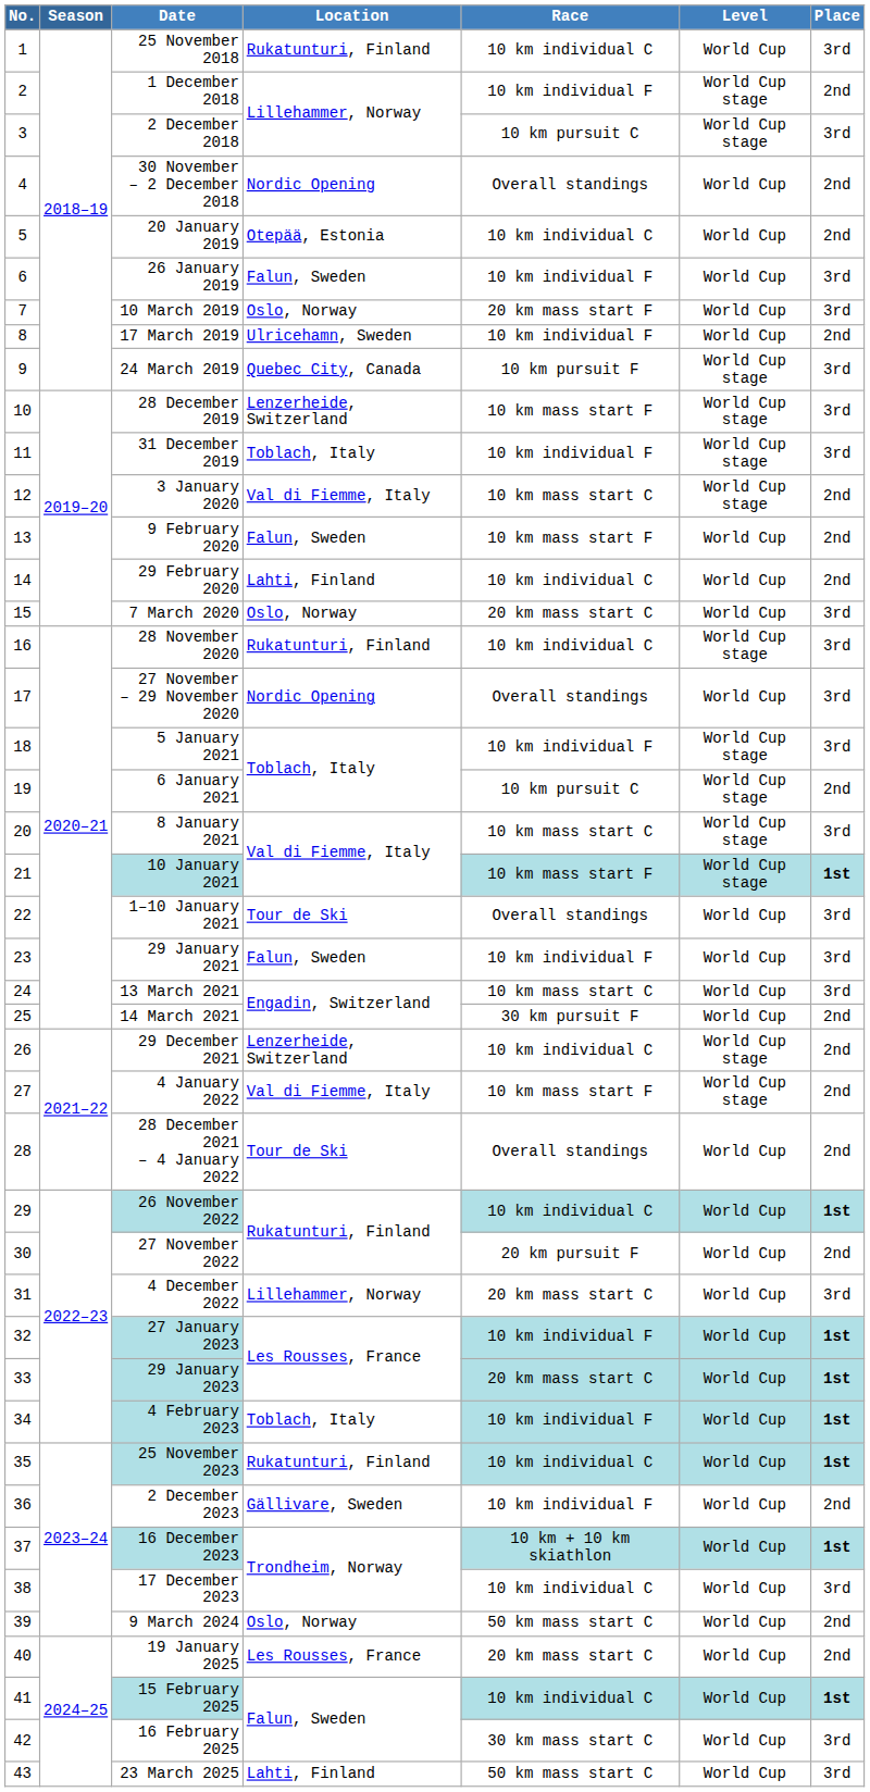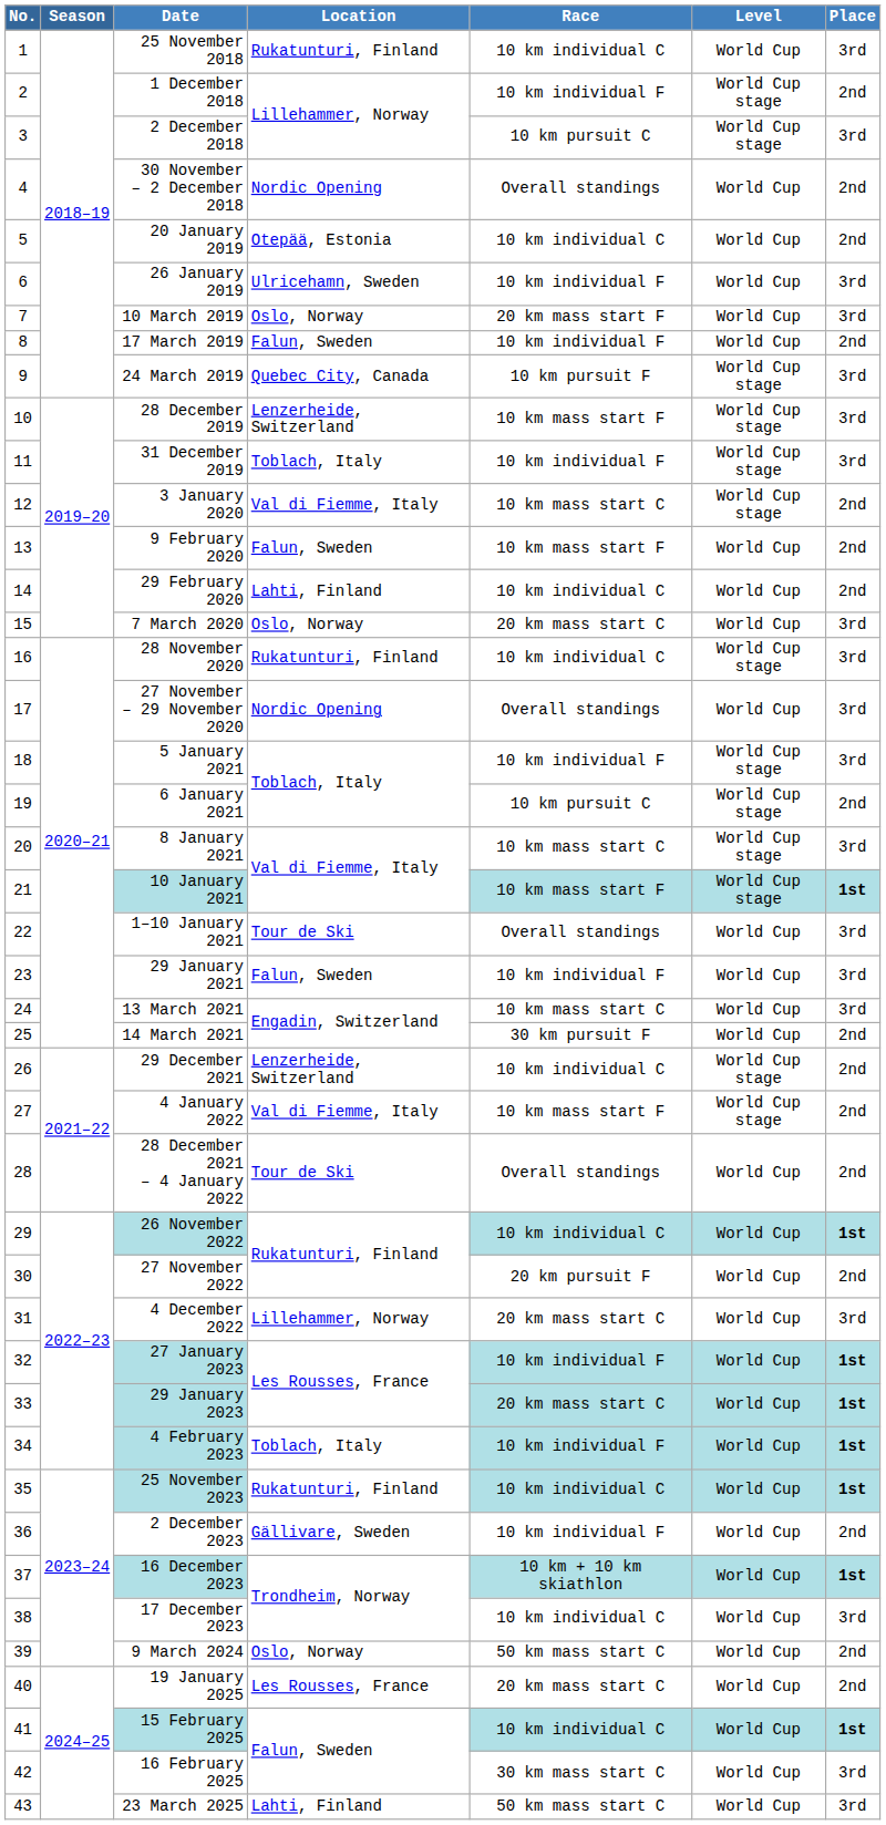 <table class="wikitable sortable" style="font-size:95%; text-align:center; border:grey solid 1px; border-collapse:collapse; background:#ffffff;">
 <tr style="background:#efefef;">
 <th style="background-color:#369; color:white;">No.</th>
 <th style="background-color:#369; color:white;">Season</th>
 <th style="background-color:#4180be; color:white; width:100px;">Date</th>
 <th style="background-color:#4180be; color:white; width:170px;">Location</th>
 <th style="background-color:#4180be; color:white; width:170px;">Race</th>
 <th style="background-color:#4180be; color:white; width:100px;">Level</th>
 <th style="background-color:#4180be; color:white;">Place</th>
 </tr>
 <tr>
 <td align=center>1</td>
 <td rowspan="9" align="center"><a href='#'>2018–19</a></td>
 <td align=right>25 November 2018</td>
 <td align=left> <a href='#'>Rukatunturi</a>, Finland</td>
 <td>10 km individual C</td>
 <td>World Cup</td>
 <td>3rd</td>
 </tr>
 <tr>
 <td align=center>2</td>
 <td align=right>1 December 2018</td>
 <td rowspan=2 align=left> <a href='#'>Lillehammer</a>, Norway</td>
 <td>10 km individual F</td>
 <td>World Cup stage</td>
 <td>2nd</td>
 </tr>
 <tr>
 <td align=center>3</td>
 <td align=right>2 December 2018</td>
 <td>10 km pursuit C</td>
 <td>World Cup stage</td>
 <td>3rd</td>
 </tr>
 <tr>
 <td align=center>4</td>
 <td align=right>30 November<br> – 2 December 2018</td>
 <td align=left> <a href='#'>Nordic Opening</a></td>
 <td>Overall standings</td>
 <td>World Cup</td>
 <td>2nd</td>
 </tr>
 <tr>
 <td align=center>5</td>
 <td align=right>20 January 2019</td>
 <td align=left> <a href='#'>Otepää</a>, Estonia</td>
 <td>10 km individual C</td>
 <td>World Cup</td>
 <td>2nd</td>
 </tr>
 <tr>
 <td align=center>6</td>
 <td align=right>26 January 2019</td>
-<td align=left> <a href='#'>Falun</a>, Sweden</td>
+<td align=left> <a href='#'>Ulricehamn</a>, Sweden</td>
 <td>10 km individual F</td>
 <td>World Cup</td>
 <td>3rd</td>
 </tr>
 <tr>
 <td align=center>7</td>
 <td align=right>10 March 2019</td>
 <td align=left> <a href='#'>Oslo</a>, Norway</td>
 <td>20 km mass start F</td>
 <td>World Cup</td>
 <td>3rd</td>
 </tr>
 <tr>
 <td align=center>8</td>
 <td align=right>17 March 2019</td>
-<td align=left> <a href='#'>Ulricehamn</a>, Sweden</td>
+<td align=left> <a href='#'>Falun</a>, Sweden</td>
 <td>10 km individual F</td>
 <td>World Cup</td>
 <td>2nd</td>
 </tr>
 <tr>
 <td align=center>9</td>
 <td align=right>24 March 2019</td>
 <td align=left> <a href='#'>Quebec City</a>, Canada</td>
 <td>10 km pursuit F</td>
 <td>World Cup stage</td>
 <td>3rd</td>
 </tr>
 <tr>
 <td align=center>10</td>
 <td rowspan="6" align="center"><a href='#'>2019–20</a></td>
 <td align=right>28 December 2019</td>
 <td align=left> <a href='#'>Lenzerheide</a>, Switzerland</td>
 <td>10 km mass start F</td>
 <td>World Cup stage</td>
 <td>3rd</td>
 </tr>
 <tr>
 <td align=center>11</td>
 <td align=right>31 December 2019</td>
 <td align=left> <a href='#'>Toblach</a>, Italy</td>
 <td>10 km individual F</td>
 <td>World Cup stage</td>
 <td>3rd</td>
 </tr>
 <tr>
 <td align=center>12</td>
 <td align=right>3 January 2020</td>
 <td align=left> <a href='#'>Val di Fiemme</a>, Italy</td>
 <td>10 km mass start C</td>
 <td>World Cup stage</td>
 <td>2nd</td>
 </tr>
 <tr>
 <td align=center>13</td>
 <td align=right>9 February 2020</td>
 <td align=left> <a href='#'>Falun</a>, Sweden</td>
 <td>10 km mass start F</td>
 <td>World Cup</td>
 <td>2nd</td>
 </tr>
 <tr>
 <td align=center>14</td>
 <td align=right>29 February 2020</td>
 <td align=left> <a href='#'>Lahti</a>, Finland</td>
 <td>10 km individual C</td>
 <td>World Cup</td>
 <td>2nd</td>
 </tr>
 <tr>
 <td align=center>15</td>
 <td align=right>7 March 2020</td>
 <td align=left> <a href='#'>Oslo</a>, Norway</td>
 <td>20 km mass start C</td>
 <td>World Cup</td>
 <td>3rd</td>
 </tr>
 <tr>
 <td align=center>16</td>
 <td rowspan="10" align="center"><a href='#'>2020–21</a></td>
 <td align=right>28 November 2020</td>
 <td align=left> <a href='#'>Rukatunturi</a>, Finland</td>
 <td>10 km individual C</td>
 <td>World Cup stage</td>
 <td>3rd</td>
 </tr>
 <tr>
 <td align=center>17</td>
 <td align=right>27 November<br> – 29 November 2020</td>
 <td align=left> <a href='#'>Nordic Opening</a></td>
 <td>Overall standings</td>
 <td>World Cup</td>
 <td>3rd</td>
 </tr>
 <tr>
 <td align=center>18</td>
 <td align=right>5 January 2021</td>
 <td rowspan="2" align=left> <a href='#'>Toblach</a>, Italy</td>
 <td>10 km individual F</td>
 <td>World Cup stage</td>
 <td>3rd</td>
 </tr>
 <tr>
 <td align=center>19</td>
 <td align=right>6 January 2021</td>
 <td>10 km pursuit C</td>
 <td>World Cup stage</td>
 <td>2nd</td>
 </tr>
 <tr>
 <td align=center>20</td>
 <td align=right>8 January 2021</td>
 <td align=left rowspan="2"> <a href='#'>Val di Fiemme</a>, Italy</td>
 <td>10 km mass start C</td>
 <td>World Cup stage</td>
 <td>3rd</td>
 </tr>
 <tr>
 <td align=center>21</td>
 <td bgcolor="#BOEOE6" align=right>10 January 2021</td>
 <td bgcolor="#BOEOE6">10 km mass start F</td>
 <td bgcolor="#BOEOE6">World Cup stage</td>
 <td bgcolor="#BOEOE6"><strong>1st</strong></td>
 </tr>
 <tr>
 <td align=center>22</td>
 <td align=right>1–10 January 2021</td>
 <td align=left> <a href='#'>Tour de Ski</a></td>
 <td>Overall standings</td>
 <td>World Cup</td>
 <td>3rd</td>
 </tr>
 <tr>
 <td align=center>23</td>
 <td align=right>29 January 2021</td>
 <td align=left> <a href='#'>Falun</a>, Sweden</td>
 <td>10 km individual F</td>
 <td>World Cup</td>
 <td>3rd</td>
 </tr>
 <tr>
 <td align=center>24</td>
 <td align=right>13 March 2021</td>
 <td rowspan=2 align=left> <a href='#'>Engadin</a>, Switzerland</td>
 <td>10 km mass start C</td>
 <td>World Cup</td>
 <td>3rd</td>
 </tr>
 <tr>
 <td align=center>25</td>
 <td align=right>14 March 2021</td>
 <td>30 km pursuit F</td>
 <td>World Cup</td>
 <td>2nd</td>
 </tr>
 <tr>
 <td align=center>26</td>
 <td rowspan=3 align=center><a href='#'>2021–22</a></td>
 <td align=right>29 December 2021</td>
 <td align=left> <a href='#'>Lenzerheide</a>, Switzerland</td>
 <td align=center>10 km individual C</td>
 <td>World Cup stage</td>
 <td>2nd</td>
 </tr>
 <tr>
 <td align=center>27</td>
 <td align=right>4 January 2022</td>
 <td align=left> <a href='#'>Val di Fiemme</a>, Italy</td>
 <td>10 km mass start F</td>
 <td>World Cup stage</td>
 <td>2nd</td>
 </tr>
 <tr>
 <td align=center>28</td>
 <td align=right>28 December 2021<br>– 4 January 2022</td>
 <td align=left> <a href='#'>Tour de Ski</a></td>
 <td>Overall standings</td>
 <td>World Cup</td>
 <td>2nd</td>
 </tr>
 <tr>
 <td align=center>29</td>
 <td rowspan=6 align=center><a href='#'>2022–23</a></td>
 <td bgcolor="#BOEOE6" align=right>26 November 2022</td>
 <td rowspan=2 align=left> <a href='#'>Rukatunturi</a>, Finland</td>
 <td bgcolor="#BOEOE6">10 km individual C</td>
 <td bgcolor="#BOEOE6">World Cup</td>
 <td bgcolor="#BOEOE6"><strong>1st</strong></td>
 </tr>
 <tr>
 <td align=center>30</td>
 <td align=right>27 November 2022</td>
 <td>20 km pursuit F</td>
 <td>World Cup</td>
 <td>2nd</td>
 </tr>
 <tr>
 <td align=center>31</td>
 <td align=right>4 December 2022</td>
 <td align=left> <a href='#'>Lillehammer</a>, Norway</td>
 <td>20 km mass start C</td>
 <td>World Cup</td>
 <td>3rd</td>
 </tr>
 <tr>
 <td align=center>32</td>
 <td bgcolor="#BOEOE6" align=right>27 January 2023</td>
 <td rowspan=2 align=left> <a href='#'>Les Rousses</a>, France</td>
 <td bgcolor="#BOEOE6">10 km individual F</td>
 <td bgcolor="#BOEOE6">World Cup</td>
 <td bgcolor="#BOEOE6"><strong>1st</strong></td>
 </tr>
 <tr>
 <td align=center>33</td>
 <td bgcolor="#BOEOE6" align=right>29 January 2023</td>
 <td bgcolor="#BOEOE6">20 km mass start C</td>
 <td bgcolor="#BOEOE6">World Cup</td>
 <td bgcolor="#BOEOE6"><strong>1st</strong></td>
 </tr>
 <tr>
 <td align=center>34</td>
 <td bgcolor="#BOEOE6" align=right>4 February 2023</td>
 <td align=left> <a href='#'>Toblach</a>, Italy</td>
 <td bgcolor="#BOEOE6">10 km individual F</td>
 <td bgcolor="#BOEOE6">World Cup</td>
 <td bgcolor="#BOEOE6"><strong>1st</strong></td>
 </tr>
 <tr>
 <td align=center>35</td>
 <td rowspan=5 align=center><a href='#'>2023–24</a></td>
 <td bgcolor="#BOEOE6" align=right>25 November 2023</td>
 <td align=left> <a href='#'>Rukatunturi</a>, Finland</td>
 <td bgcolor="#BOEOE6">10 km individual C</td>
 <td bgcolor="#BOEOE6">World Cup</td>
 <td bgcolor="#BOEOE6"><strong>1st</strong></td>
 </tr>
 <tr>
 <td align=center>36</td>
 <td align=right>2 December 2023</td>
 <td align=left> <a href='#'>Gällivare</a>, Sweden</td>
 <td>10 km individual F</td>
 <td>World Cup</td>
 <td>2nd</td>
 </tr>
 <tr>
 <td align=center>37</td>
 <td bgcolor="#BOEOE6" align=right>16 December 2023</td>
 <td rowspan=2 align=left> <a href='#'>Trondheim</a>, Norway</td>
 <td bgcolor="#BOEOE6">10 km + 10 km skiathlon</td>
 <td bgcolor="#BOEOE6">World Cup</td>
 <td bgcolor="#BOEOE6"><strong>1st</strong></td>
 </tr>
 <tr>
 <td align=center>38</td>
 <td align=right>17 December 2023</td>
 <td>10 km individual C</td>
 <td>World Cup</td>
 <td>3rd</td>
 </tr>
 <tr>
 <td align=center>39</td>
 <td align=right>9 March 2024</td>
 <td align=left> <a href='#'>Oslo</a>, Norway</td>
 <td>50 km mass start C</td>
 <td>World Cup</td>
 <td>2nd</td>
 </tr>
 <tr>
 <td align=center>40</td>
 <td rowspan="4" align="center"><a href='#'>2024–25</a></td>
 <td align=right>19 January 2025</td>
 <td align=left> <a href='#'>Les Rousses</a>, France</td>
 <td>20 km mass start C</td>
 <td>World Cup</td>
 <td>2nd</td>
 </tr>
 <tr>
 <td align=center>41</td>
 <td bgcolor="#BOEOE6" align=right>15 February 2025</td>
 <td rowspan=2 align=left> <a href='#'>Falun</a>, Sweden</td>
 <td bgcolor="#BOEOE6">10 km individual C</td>
 <td bgcolor="#BOEOE6">World Cup</td>
 <td bgcolor="#BOEOE6"><strong>1st</strong></td>
 </tr>
 <tr>
 <td align=center>42</td>
 <td align=right>16 February 2025</td>
 <td>30 km mass start C</td>
 <td>World Cup</td>
 <td>3rd</td>
 </tr>
 <tr>
 <td align=center>43</td>
 <td align=right>23 March 2025</td>
 <td align=left> <a href='#'>Lahti</a>, Finland</td>
 <td>50 km mass start C</td>
 <td>World Cup</td>
 <td>3rd</td>
 </tr>
 </table>
